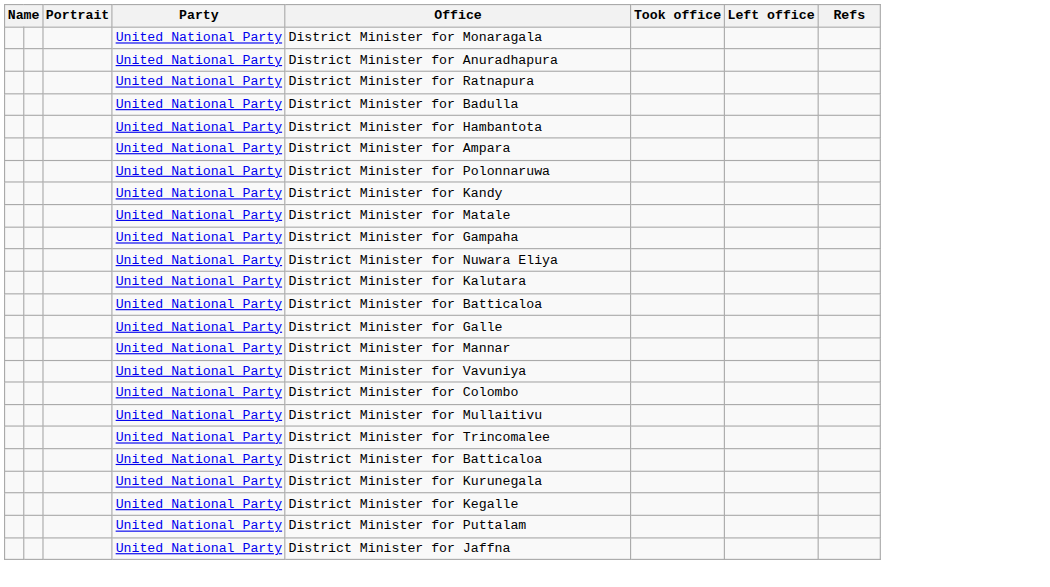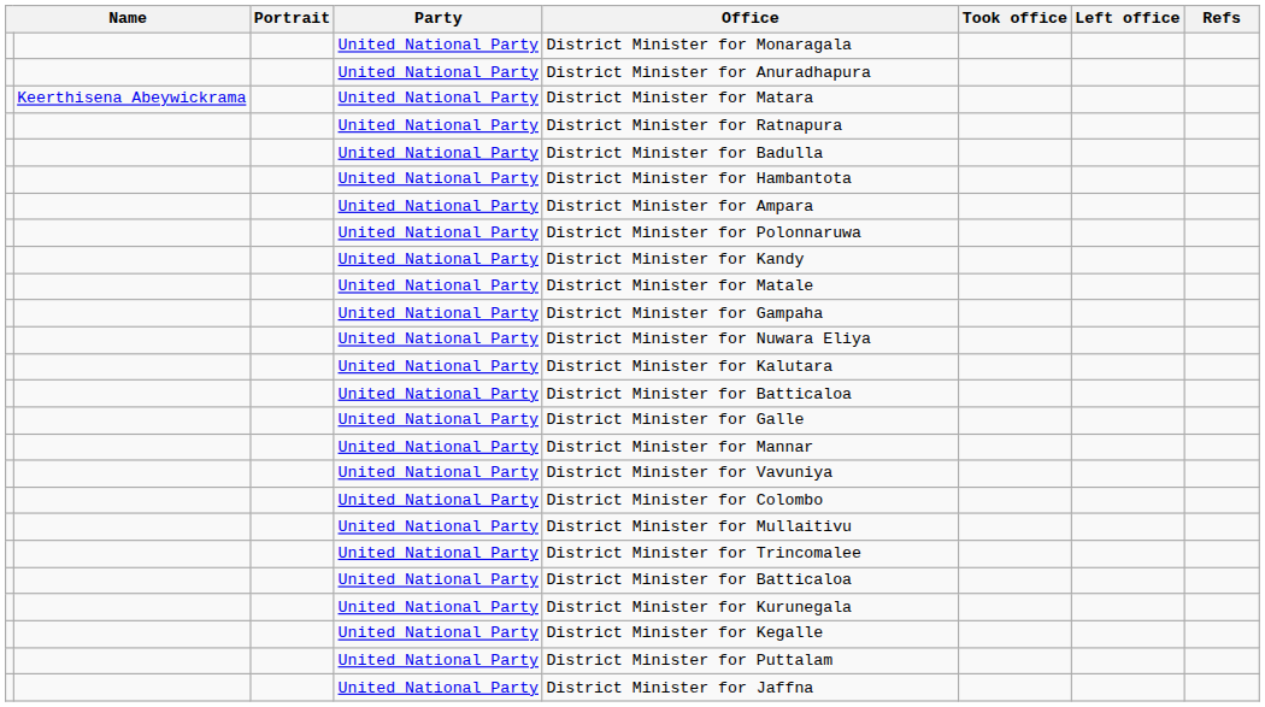 <table class="wikitable plainrowheaders sortable" style="font-size:90%; text-align:left;">
 <tr>
 <th scope=col colspan="2">Name</th>
 <th scope=col class=unsortable>Portrait</th>
 <th scope=col>Party</th>
 <th scope=col width=300px>Office</th>
 <th scope=col>Took office</th>
 <th scope=col>Left office</th>
 <th scope=col width=50px class=unsortable>Refs</th>
 </tr>
 <tr>
 <td !align="center" style="background:"></td>
 <td></td>
 <td align=center></td>
 <td><a href='#'>United National Party</a></td>
 <td>District Minister for Monaragala</td>
 <td></td>
 <td></td>
 <td align=center></td>
 </tr>
 <tr>
 <td !align="center" style="background:"></td>
 <td></td>
 <td align=center></td>
 <td><a href='#'>United National Party</a></td>
 <td>District Minister for Anuradhapura</td>
+<td></td>
+<td></td>
+<td align=center></td>
+</tr>
+<tr>
+<td !align="center" style="background:"></td>
+<td><a href='#'>Keerthisena Abeywickrama</a></td>
+<td align="center"></td>
+<td><a href='#'>United National Party</a></td>
+<td>District Minister for Matara</td>
 <td></td>
 <td></td>
 <td align=center></td>
 </tr>
 <tr>
 <td !align="center" style="background:"></td>
 <td></td>
 <td align=center></td>
 <td><a href='#'>United National Party</a></td>
 <td>District Minister for Ratnapura</td>
 <td></td>
 <td></td>
 <td align=center></td>
 </tr>
 <tr>
 <td !align="center" style="background:"></td>
 <td></td>
 <td align=center></td>
 <td><a href='#'>United National Party</a></td>
 <td>District Minister for Badulla</td>
 <td></td>
 <td></td>
 <td align=center></td>
 </tr>
 <tr>
 <td !align="center" style="background:"></td>
 <td></td>
 <td align=center></td>
 <td><a href='#'>United National Party</a></td>
 <td>District Minister for Hambantota</td>
 <td></td>
 <td></td>
 <td align=center></td>
 </tr>
 <tr>
 <td !align="center" style="background:"></td>
 <td></td>
 <td align=center></td>
 <td><a href='#'>United National Party</a></td>
 <td>District Minister for Ampara</td>
 <td align=center></td>
 <td></td>
 <td align=center></td>
 </tr>
 <tr>
 <td !align="center" style="background:"></td>
 <td></td>
 <td align=center></td>
 <td><a href='#'>United National Party</a></td>
 <td>District Minister for Polonnaruwa</td>
 <td></td>
 <td></td>
 <td align=center></td>
 </tr>
 <tr>
 <td !align="center" style="background:"></td>
 <td></td>
 <td align=center></td>
 <td><a href='#'>United National Party</a></td>
 <td>District Minister for Kandy</td>
 <td></td>
 <td></td>
 <td align=center></td>
 </tr>
 <tr>
 <td !align="center" style="background:"></td>
 <td></td>
 <td align=center></td>
 <td><a href='#'>United National Party</a></td>
 <td>District Minister for Matale</td>
 <td></td>
 <td></td>
 <td align=center></td>
 </tr>
 <tr>
 <td !align="center" style="background:"></td>
 <td></td>
 <td align=center></td>
 <td><a href='#'>United National Party</a></td>
 <td>District Minister for Gampaha</td>
 <td></td>
 <td></td>
 <td align=center></td>
 </tr>
 <tr>
 <td !align="center" style="background:"></td>
 <td></td>
 <td align=center></td>
 <td><a href='#'>United National Party</a></td>
 <td>District Minister for Nuwara Eliya</td>
 <td></td>
 <td></td>
 <td align=center></td>
 </tr>
 <tr>
 <td !align="center" style="background:"></td>
 <td></td>
 <td align=center></td>
 <td><a href='#'>United National Party</a></td>
 <td>District Minister for Kalutara</td>
 <td></td>
 <td></td>
 <td align=center></td>
 </tr>
 <tr>
 <td !align="center" style="background:"></td>
 <td></td>
 <td align=center></td>
 <td><a href='#'>United National Party</a></td>
 <td>District Minister for Batticaloa</td>
 <td align=center></td>
 <td></td>
 <td align=center></td>
 </tr>
 <tr>
 <td !align="center" style="background:"></td>
 <td></td>
 <td align=center></td>
 <td><a href='#'>United National Party</a></td>
 <td>District Minister for Galle</td>
 <td></td>
 <td></td>
 <td align=center></td>
 </tr>
 <tr>
 <td !align="center" style="background:"></td>
 <td></td>
 <td align=center></td>
 <td><a href='#'>United National Party</a></td>
 <td>District Minister for Mannar</td>
 <td align=center></td>
 <td></td>
 <td align=center></td>
 </tr>
 <tr>
 <td !align="center" style="background:"></td>
 <td></td>
 <td align=center></td>
 <td><a href='#'>United National Party</a></td>
 <td>District Minister for Vavuniya</td>
 <td align=center></td>
 <td></td>
 <td align=center></td>
 </tr>
 <tr>
 <td !align="center" style="background:"></td>
 <td></td>
 <td align=center></td>
 <td><a href='#'>United National Party</a></td>
 <td>District Minister for Colombo</td>
 <td></td>
 <td></td>
 <td align=center></td>
 </tr>
 <tr>
 <td !align="center" style="background:"></td>
 <td></td>
 <td align=center></td>
 <td><a href='#'>United National Party</a></td>
 <td>District Minister for Mullaitivu</td>
 <td align=center></td>
 <td></td>
 <td align=center></td>
 </tr>
 <tr>
 <td !align="center" style="background:"></td>
 <td></td>
 <td align=center></td>
 <td><a href='#'>United National Party</a></td>
 <td>District Minister for Trincomalee</td>
 <td align=center></td>
 <td></td>
 <td align=center></td>
 </tr>
 <tr>
 <td !align="center" style="background:"></td>
 <td></td>
 <td align=center></td>
 <td><a href='#'>United National Party</a></td>
 <td>District Minister for Batticaloa</td>
 <td></td>
 <td></td>
 <td align=center></td>
 </tr>
 <tr>
 <td !align="center" style="background:"></td>
 <td></td>
 <td align=center></td>
 <td><a href='#'>United National Party</a></td>
 <td>District Minister for Kurunegala</td>
 <td></td>
 <td></td>
 <td align=center></td>
 </tr>
 <tr>
 <td !align="center" style="background:"></td>
 <td></td>
 <td align=center></td>
 <td><a href='#'>United National Party</a></td>
 <td>District Minister for Kegalle</td>
 <td></td>
 <td></td>
 <td align=center></td>
 </tr>
 <tr>
 <td !align="center" style="background:"></td>
 <td></td>
 <td align=center></td>
 <td><a href='#'>United National Party</a></td>
 <td>District Minister for Puttalam</td>
 <td></td>
 <td></td>
 <td align=center></td>
 </tr>
 <tr>
 <td !align="center" style="background:"></td>
 <td></td>
 <td align=center></td>
 <td><a href='#'>United National Party</a></td>
 <td>District Minister for Jaffna</td>
 <td align=center></td>
 <td></td>
 <td align=center></td>
 </tr>
 </table>
